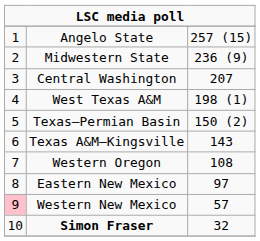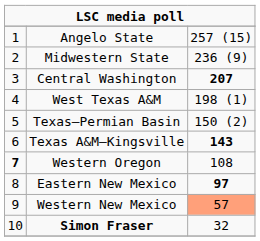 <table class="wikitable" style="display: inline-table;">
 <tr>
 <td align="center" Colspan="3"><strong>LSC media poll</strong></td>
 </tr>
 <tr align="center">
 </tr>
 <tr align="center">
 <td>1</td>
 <td>Angelo State</td>
 <td>257 (15)</td>
 </tr>
 <tr align="center">
 <td>2</td>
 <td>Midwestern State</td>
 <td>236 (9)</td>
 </tr>
 <tr align="center">
 <td>3</td>
 <td>Central Washington</td>
-<td>207</td>
+<td><strong>207</strong></td>
 </tr>
 <tr align="center">
 <td>4</td>
 <td>West Texas A&M</td>
 <td>198 (1)</td>
 </tr>
 <tr align="center">
 <td>5</td>
 <td>Texas–Permian Basin</td>
 <td>150 (2)</td>
 </tr>
 <tr align="center">
 <td>6</td>
 <td>Texas A&M–Kingsville</td>
-<td>143</td>
+<td><strong>143</strong></td>
 </tr>
 <tr align="center">
-<td>7</td>
+<td><strong>7</strong></td>
 <td>Western Oregon</td>
 <td>108</td>
 </tr>
 <tr align="center">
 <td>8</td>
 <td>Eastern New Mexico</td>
-<td>97</td>
+<td><strong>97</strong></td>
 </tr>
 <tr align="center">
-<td style="background: pink;">9</td>
+<td>9</td>
 <td>Western New Mexico</td>
-<td>57</td>
+<td style="background: lightsalmon;">57</td>
 </tr>
 <tr align="center">
 <td>10</td>
 <td><strong>Simon Fraser</strong></td>
 <td>32</td>
 </tr>
 <tr>
 </tr>
 </table>
